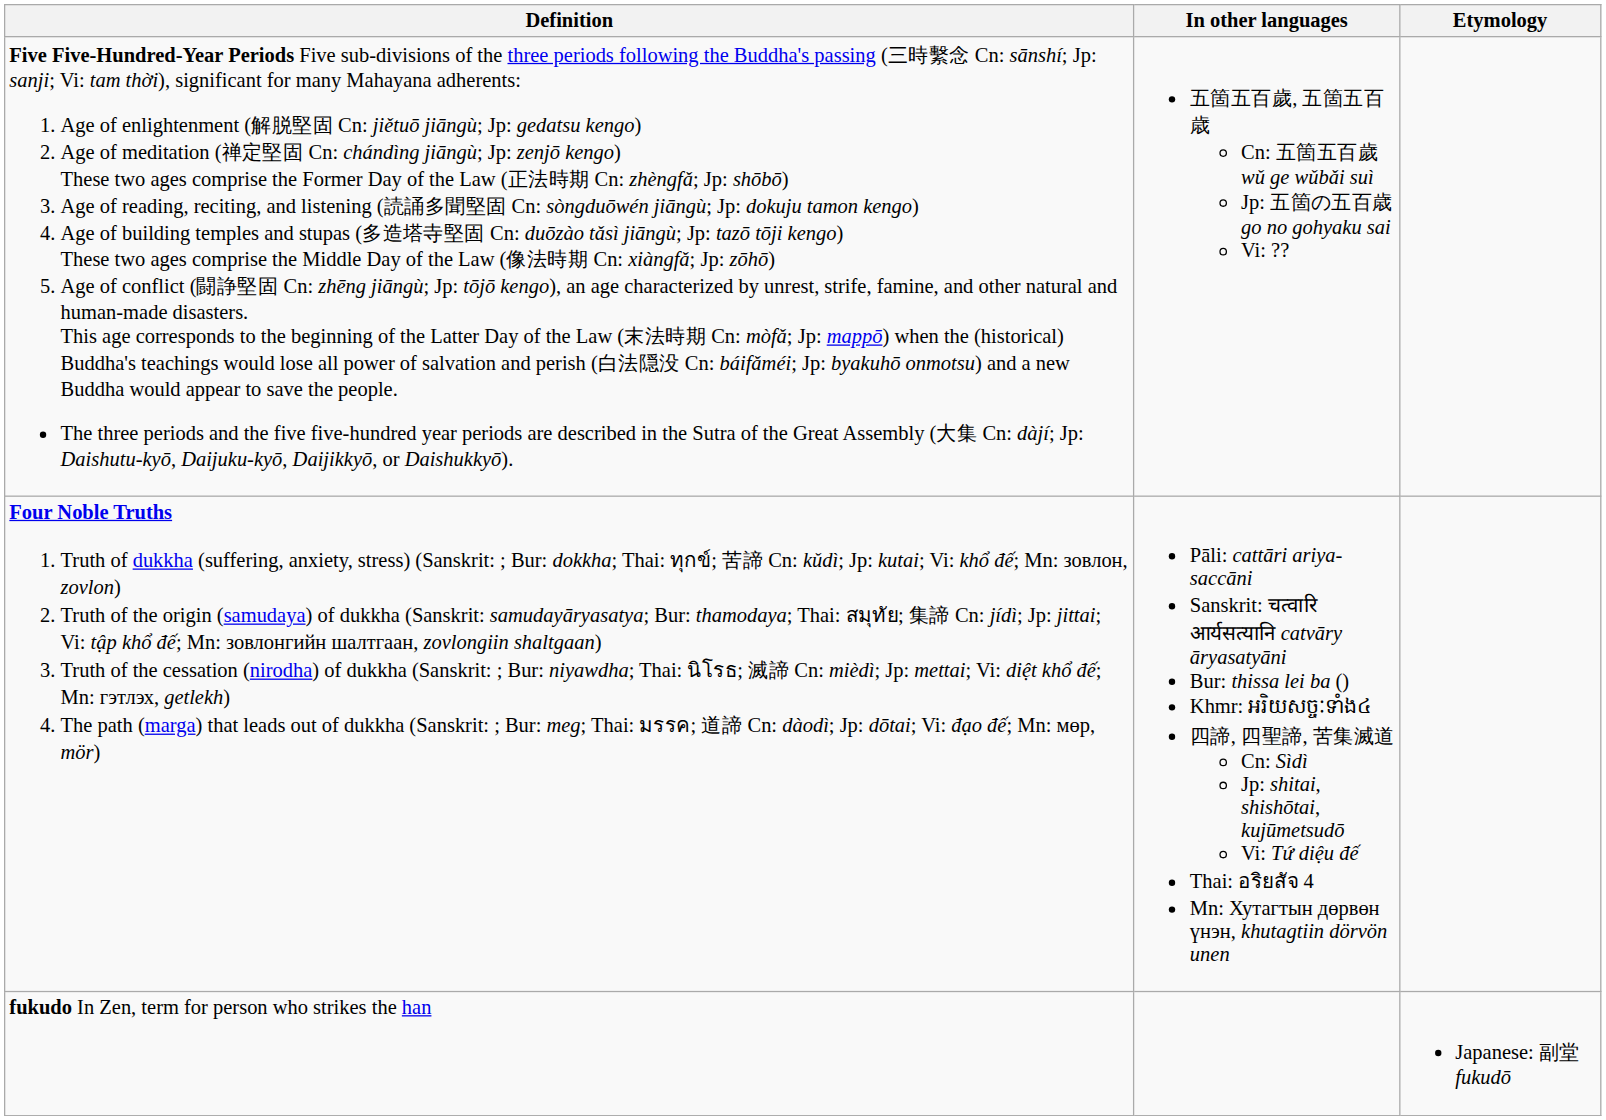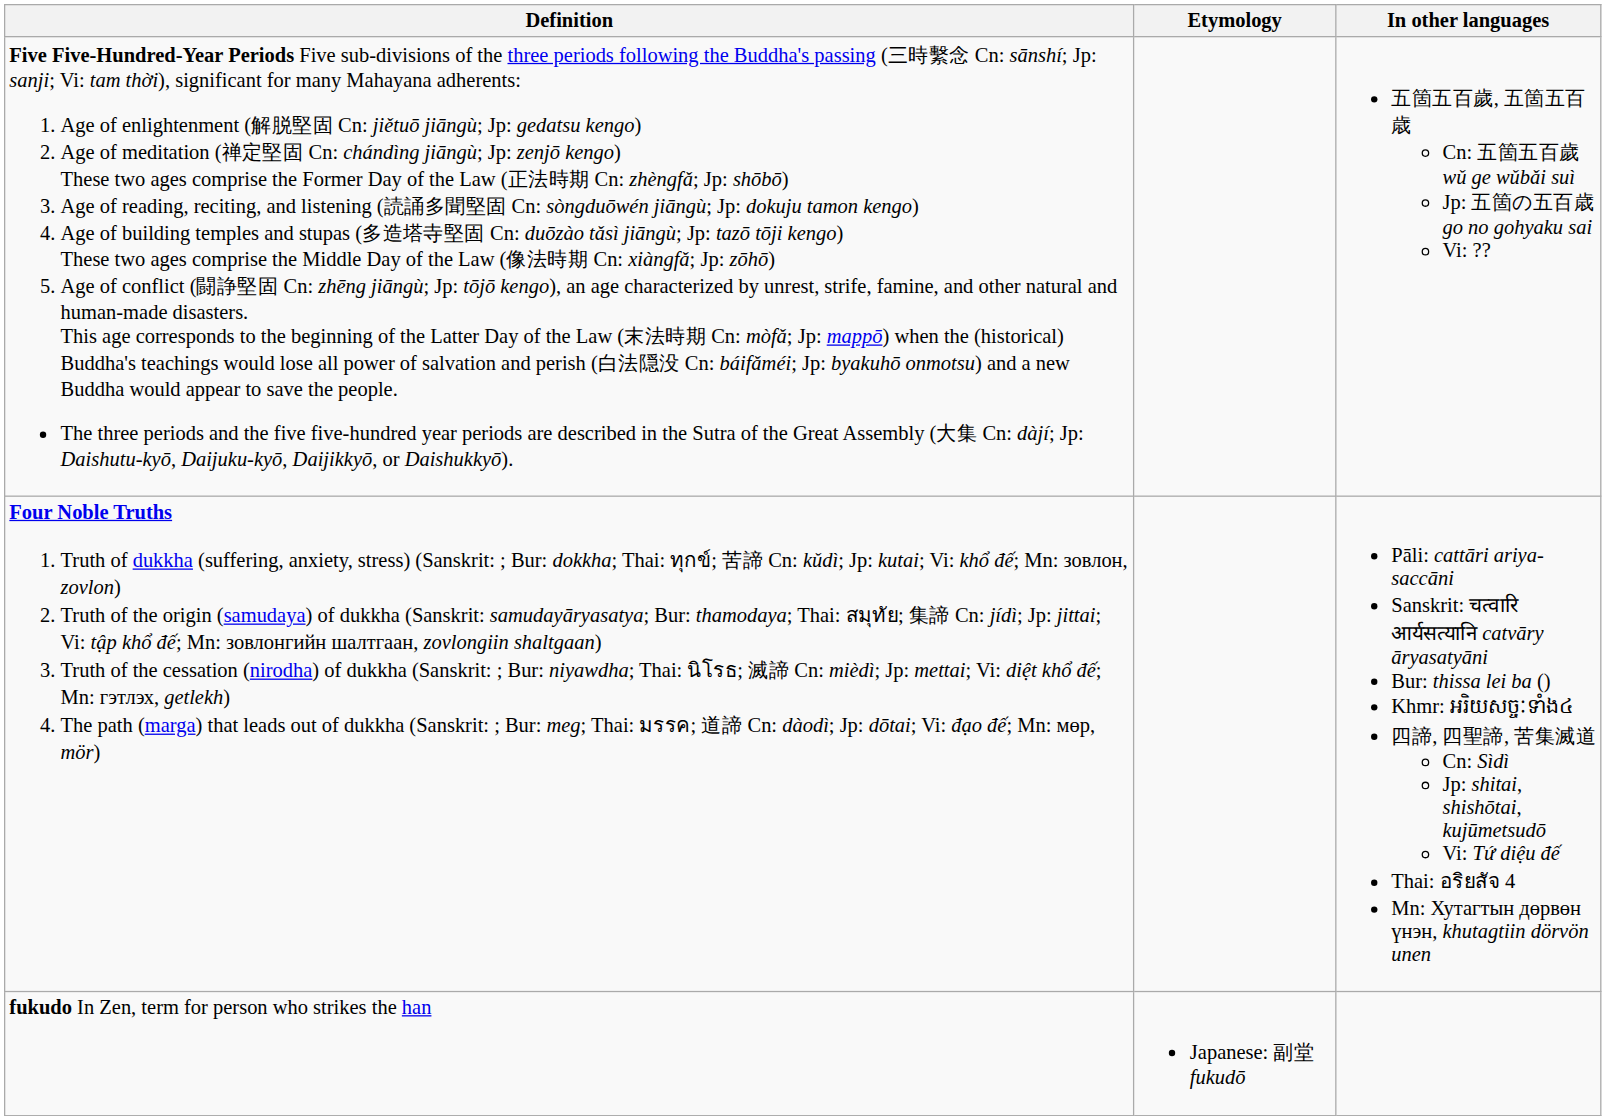 <table class="wikitable" border="1" style="border-collapse: collapse;">
 <tr>
 <th>Definition</th>
+<th>Etymology</th>
 <th>In other languages</th>
-<th>Etymology</th>
 </tr>
 <tr valign=top style="width:450px">
 <td><strong>Five Five-Hundred-Year Periods</strong> Five sub-divisions of the <a href='#'>three periods following the Buddha's passing</a> (三時繫念 Cn: <em>sānshí</em>; Jp: <em>sanji</em>; Vi: <em>tam thời</em>), significant for many Mahayana adherents:<br><ol><li>Age of enlightenment (解脱堅固 Cn: <em>jiětuō jiāngù</em>; Jp: <em>gedatsu kengo</em>)</li><li>Age of meditation (禅定堅固 Cn: <em>chándìng jiāngù</em>; Jp: <em>zenjō kengo</em>)<br>These two ages comprise the Former Day of the Law (正法時期 Cn: <em>zhèngfǎ</em>; Jp: <em>shōbō</em>)</li><li>Age of reading, reciting, and listening (読誦多聞堅固 Cn: <em>sòngduōwén jiāngù</em>; Jp: <em>dokuju tamon kengo</em>)</li><li>Age of building temples and stupas (多造塔寺堅固 Cn: <em>duōzào tǎsì jiāngù</em>; Jp: <em>tazō tōji kengo</em>)<br>These two ages comprise the Middle Day of the Law (像法時期 Cn: <em>xiàngfǎ</em>; Jp: <em>zōhō</em>)</li><li>Age of conflict (闘諍堅固 Cn: <em>zhēng jiāngù</em>; Jp: <em>tōjō kengo</em>), an age characterized by unrest, strife, famine, and other natural and human-made disasters.<br>This age corresponds to the beginning of the Latter Day of the Law (末法時期 Cn: <em>mòfǎ</em>; Jp: <em><a href='#'>mappō</a></em>) when the (historical) Buddha's teachings would lose all power of salvation and perish (白法隠没 Cn: <em>báifǎméi</em>; Jp: <em>byakuhō onmotsu</em>) and a new Buddha would appear to save the people.</li></ol><ul><li>The three periods and the five five-hundred year periods are described in the Sutra of the Great Assembly (大集 Cn: <em>dàjí</em>; Jp: <em>Daishutu-kyō</em>, <em>Daijuku-kyō</em>, <em>Daijikkyō</em>, or <em>Daishukkyō</em>).</li></ul></td>
+<td style="width:150px"></td>
 <td style="width:200px"><br><ul><li>五箇五百歲, 五箇五百歳<ul><li>Cn: 五箇五百歲 <em>wǔ ge wǔbǎi suì</em></li><li>Jp: 五箇の五百歳 <em>go no gohyaku sai</em></li><li>Vi: ??</li></ul></li></ul></td>
-<td style="width:150px"></td>
 </tr>
 <tr valign=top>
 <td><strong><a href='#'>Four Noble Truths</a></strong><br><ol><li>Truth of <a href='#'>dukkha</a> (suffering, anxiety, stress) (Sanskrit: <em></em>; Bur:  <em>dokkha</em>; Thai: ทุกข์; 苦諦 Cn: <em>kǔdì</em>; Jp: <em>kutai</em>; Vi: <em>khổ đế</em>; Mn: зовлон, <em>zovlon</em>)</li><li>Truth of the origin (<a href='#'>samudaya</a>) of dukkha (Sanskrit: <em>samudayāryasatya</em>; Bur:  <em>thamodaya</em>; Thai: สมุทัย; 集諦 Cn: <em>jídì</em>; Jp: <em>jittai</em>; Vi: <em>tập khổ đế</em>; Mn: зовлонгийн шалтгаан, <em>zovlongiin shaltgaan</em>)</li><li>Truth of the cessation (<a href='#'>nirodha</a>) of dukkha (Sanskrit: <em></em>; Bur:  <em>niyawdha</em>; Thai: นิโรธ; 滅諦 Cn: <em>mièdì</em>; Jp: <em>mettai</em>; Vi: <em>diệt khổ đế</em>; Mn: гэтлэх, <em>getlekh</em>)</li><li>The path (<a href='#'>marga</a>) that leads out of dukkha (Sanskrit: <em></em>; Bur:  <em>meg</em>; Thai: มรรค; 道諦 Cn: <em>dàodì</em>; Jp: <em>dōtai</em>; Vi: <em>đạo đế</em>; Mn: мөр, <em>mör</em>)</li></ol></td>
+<td></td>
 <td><br><ul><li>Pāli: <em>cattāri ariya-saccāni</em></li><li>Sanskrit: चत्वारि आर्यसत्यानि <em>catvāry āryasatyāni</em></li><li>Bur:  <em>thissa lei ba</em> ()</li><li>Khmr: អរិយសច្ចៈទាំង៤</li><li>四諦, 四聖諦, 苦集滅道<ul><li>Cn: <em>Sìdì</em></li><li>Jp: <em>shitai</em>, <em>shishōtai</em>, <em>kujūmetsudō</em></li><li>Vi: <em>Tứ diệu đế</em></li></ul></li><li>Thai: อริยสัจ 4</li><li>Mn: Хутагтын дөрвөн үнэн, <em>khutagtiin dörvön unen</em></li></ul></td>
-<td></td>
 </tr>
 <tr valign=top>
 <td><strong>fukudo</strong> In Zen, term for person who strikes the <a href='#'>han</a></td>
+<td><br><ul><li>Japanese: 副堂 <em>fukudō</em></li></ul></td>
 <td></td>
-<td><br><ul><li>Japanese: 副堂 <em>fukudō</em></li></ul></td>
 </tr>
 </table>
